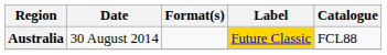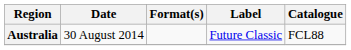 <table class="wikitable plainrowheaders">
 <tr>
 <th scope="col">Region</th>
 <th scope="col">Date</th>
 <th scope="col">Format(s)</th>
 <th scope="col">Label</th>
 <th scope="col">Catalogue</th>
 </tr>
 <tr>
 <th scope="row">Australia</th>
 <td>30 August 2014</td>
 <td></td>
-<td style="background: gold;"><a href='#'>Future Classic</a></td>
+<td><a href='#'>Future Classic</a></td>
 <td>FCL88</td>
 </tr>
 <tr>
 </tr>
 </table>
